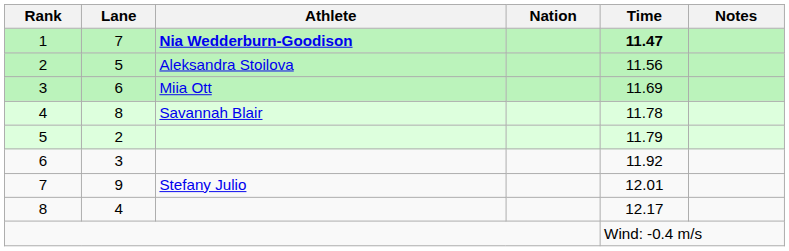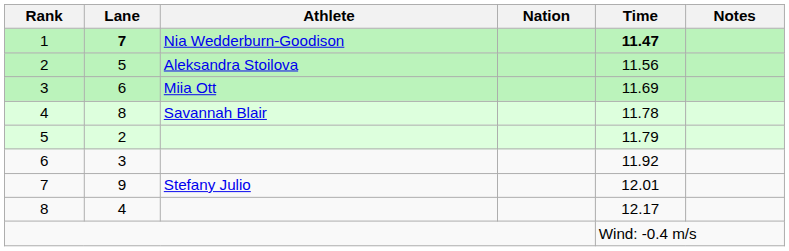 <table class="wikitable sortable" style="text-align:center;width: 65%;">
 <tr>
 <th scope="col">Rank</th>
 <th scope="col">Lane</th>
 <th scope="col">Athlete</th>
 <th scope="col">Nation</th>
 <th scope="col">Time</th>
 <th scope="col">Notes</th>
 </tr>
 <tr bgcolor=bbf3bb>
 <td>1</td>
-<td>7</td>
-<td align=left><strong><a href='#'>Nia Wedderburn-Goodison</a></strong></td>
+<td><strong>7</strong></td>
+<td align=left><a href='#'>Nia Wedderburn-Goodison</a></td>
 <td align=left></td>
 <td><strong>11.47</strong></td>
 <td></td>
 </tr>
 <tr bgcolor=bbf3bb>
 <td>2</td>
 <td>5</td>
 <td align=left><a href='#'>Aleksandra Stoilova</a></td>
 <td align=left></td>
 <td>11.56</td>
 <td></td>
 </tr>
 <tr bgcolor=bbf3bb>
 <td>3</td>
 <td>6</td>
 <td align=left><a href='#'>Miia Ott</a></td>
 <td align=left></td>
 <td>11.69</td>
 <td></td>
 </tr>
 <tr bgcolor=ddffdd>
 <td>4</td>
 <td>8</td>
 <td align=left><a href='#'>Savannah Blair</a></td>
 <td align=left></td>
 <td>11.78</td>
 <td></td>
 </tr>
 <tr bgcolor=ddffdd>
 <td>5</td>
 <td>2</td>
 <td align=left></td>
 <td align=left></td>
 <td>11.79</td>
 <td></td>
 </tr>
 <tr>
 <td>6</td>
 <td>3</td>
 <td align=left></td>
 <td align=left></td>
 <td>11.92</td>
 <td></td>
 </tr>
 <tr>
 <td>7</td>
 <td>9</td>
 <td align=left><a href='#'>Stefany Julio</a></td>
 <td align=left></td>
 <td>12.01</td>
 <td></td>
 </tr>
 <tr>
 <td>8</td>
 <td>4</td>
 <td align=left></td>
 <td align=left></td>
 <td>12.17</td>
 <td></td>
 </tr>
 <tr class="sortbottom">
 <td colspan="4"></td>
 <td colspan="2" style="text-align:left;">Wind: -0.4 m/s</td>
 </tr>
 </table>
